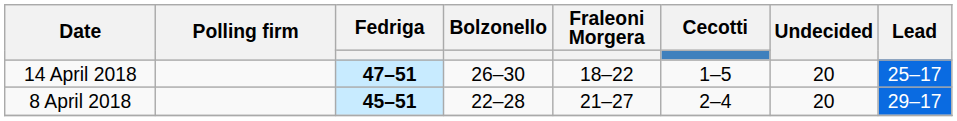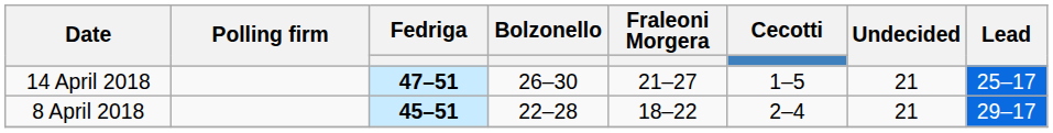 <table class="wikitable collapsible" style="text-align:center;font-size:85%;line-height:13px">
 <tr style="height:30px; background-color:#E9E9E9">
 <th rowspan="2" style="width:100px;">Date</th>
 <th rowspan="2" style="width:120px;">Polling firm</th>
 <th style="width:70px;">Fedriga</th>
 <th style="width:70px;">Bolzonello</th>
 <th style="width:70px;">Fraleoni Morgera</th>
 <th style="width:70px;">Cecotti</th>
 <th rowspan="2" style="width:70px;">Undecided</th>
 <th rowspan="2" style="width:45px;">Lead</th>
 </tr>
 <tr>
 <th style="background:"></th>
 <th style="background:"></th>
 <th style="background:"></th>
 <th style="background:#3E80BD;"></th>
 </tr>
 <tr>
 <td>14 April 2018</td>
 <td></td>
 <td style="background:#C8EBFF"><strong>47–51</strong></td>
 <td>26–30</td>
-<td>18–22</td>
+<td>21–27</td>
 <td>1–5</td>
-<td>20</td>
+<td>21</td>
 <td style="background:#0A6BE1; color:white;">25–17</td>
 </tr>
 <tr>
 <td>8 April 2018</td>
 <td></td>
 <td style="background:#C8EBFF"><strong>45–51</strong></td>
 <td>22–28</td>
-<td>21–27</td>
+<td>18–22</td>
 <td>2–4</td>
-<td>20</td>
+<td>21</td>
 <td style="background:#0A6BE1; color:white;">29–17</td>
 </tr>
 <tr>
 </tr>
 </table>
